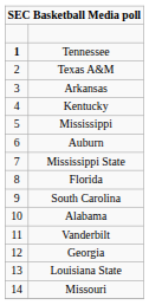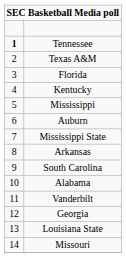 <table class="wikitable" style="display: inline-table;">
 <tr>
 <td align="center" Colspan="2"><strong>SEC Basketball Media poll</strong></td>
 </tr>
 <tr align="center">
 <td><br></td>
 </tr>
 <tr align="center">
 <td><strong>1</strong></td>
 <td>Tennessee</td>
 </tr>
 <tr align="center">
 <td>2</td>
 <td>Texas A&M</td>
 </tr>
 <tr align="center">
 <td>3</td>
-<td>Arkansas</td>
+<td>Florida</td>
 </tr>
 <tr align="center">
 <td>4</td>
 <td>Kentucky</td>
 </tr>
 <tr align="center">
 <td>5</td>
 <td>Mississippi</td>
 </tr>
 <tr align="center">
 <td>6</td>
 <td>Auburn</td>
 </tr>
 <tr align="center">
 <td>7</td>
 <td>Mississippi State</td>
 </tr>
 <tr align="center">
 <td>8</td>
-<td>Florida</td>
+<td>Arkansas</td>
 </tr>
 <tr align="center">
 <td>9</td>
 <td>South Carolina</td>
 </tr>
 <tr align="center">
 <td>10</td>
 <td>Alabama</td>
 </tr>
 <tr align="center">
 <td>11</td>
 <td>Vanderbilt</td>
 </tr>
 <tr align="center">
 <td>12</td>
 <td>Georgia</td>
 </tr>
 <tr align="center">
 <td>13</td>
 <td>Louisiana State</td>
 </tr>
 <tr align="center">
 <td>14</td>
 <td>Missouri</td>
 </tr>
 <tr>
 </tr>
 </table>
